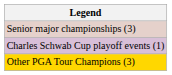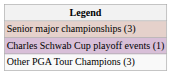 <table class="wikitable" style="font-size:95%;">
 <tr>
 <th>Legend</th>
 </tr>
 <tr style="background:#e5d1cb;">
 <td>Senior major championships (3)</td>
 </tr>
 <tr style="background:thistle">
 <td>Charles Schwab Cup playoff events (1)</td>
 </tr>
 <tr>
-<td style="background: gold;">Other PGA Tour Champions (3)</td>
+<td>Other PGA Tour Champions (3)</td>
 </tr>
 </table>
